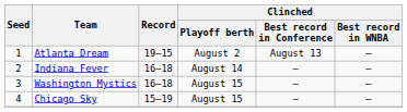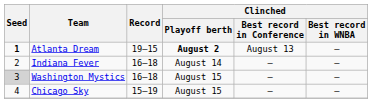 <table class="wikitable"  style="font-size:95%; text-align:center">
 <tr>
 <th rowspan=2>Seed</th>
 <th rowspan=2>Team</th>
 <th rowspan=2>Record</th>
 <th colspan=3>Clinched</th>
 </tr>
 <tr>
 <th>Playoff berth</th>
 <th>Best record<br> in Conference</th>
 <th>Best record<br> in WNBA</th>
 </tr>
 <tr>
-<td>1</td>
+<td><strong>1</strong></td>
 <td align=left><a href='#'>Atlanta Dream</a></td>
 <td>19–15</td>
-<td>August 2</td>
+<td><strong>August 2</strong></td>
 <td>August 13</td>
 <td>—</td>
 </tr>
 <tr>
 <td>2</td>
 <td align=left><a href='#'>Indiana Fever</a></td>
 <td>16–18</td>
 <td>August 14</td>
 <td>—</td>
 <td>—</td>
 </tr>
 <tr>
-<td>3</td>
+<td style="background: lightgrey;">3</td>
 <td align=left><a href='#'>Washington Mystics</a></td>
 <td>16–18</td>
 <td>August 15</td>
 <td>—</td>
 <td>—</td>
 </tr>
 <tr>
 <td>4</td>
 <td align=left><a href='#'>Chicago Sky</a></td>
 <td>15–19</td>
 <td>August 15</td>
 <td>—</td>
 <td>—</td>
 </tr>
 <tr>
 </tr>
 </table>
